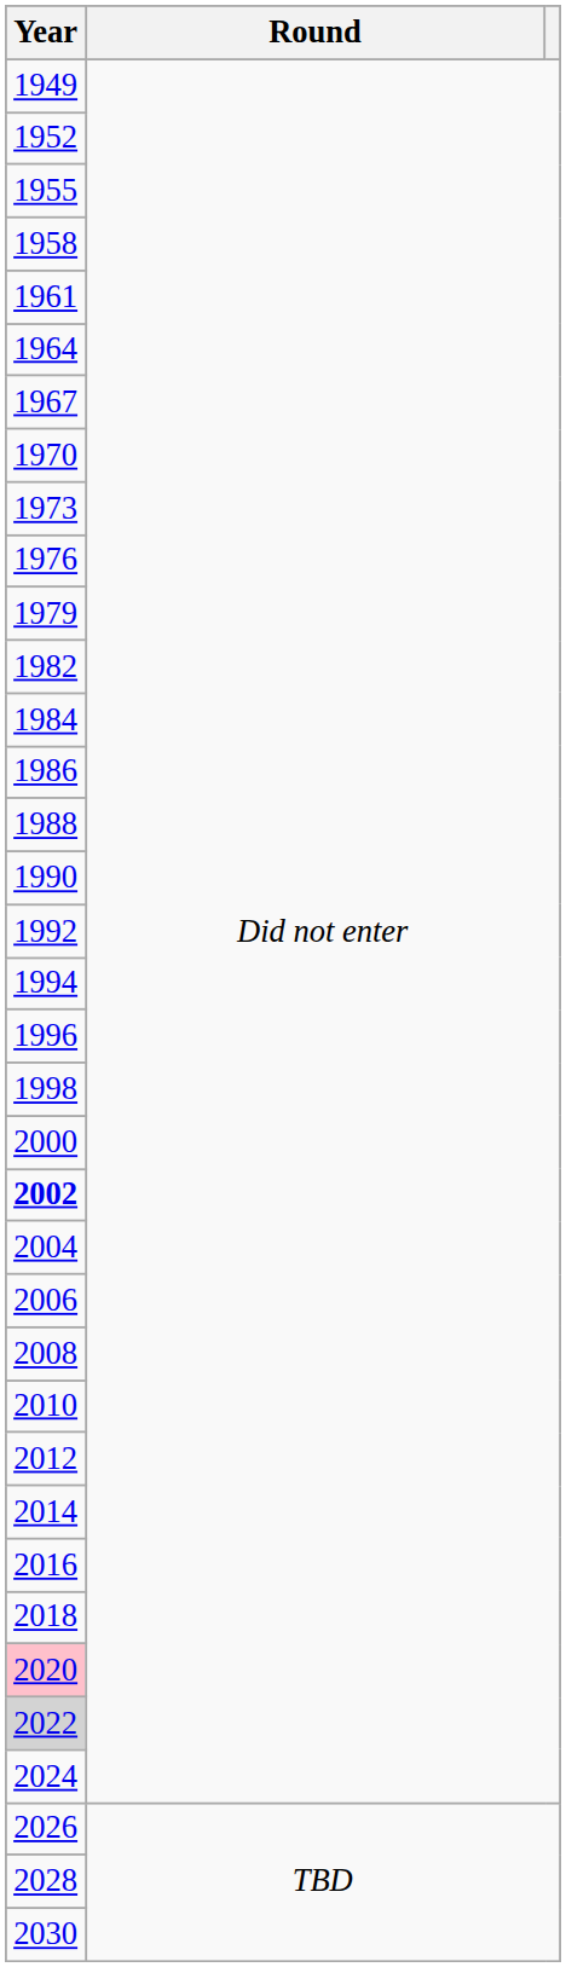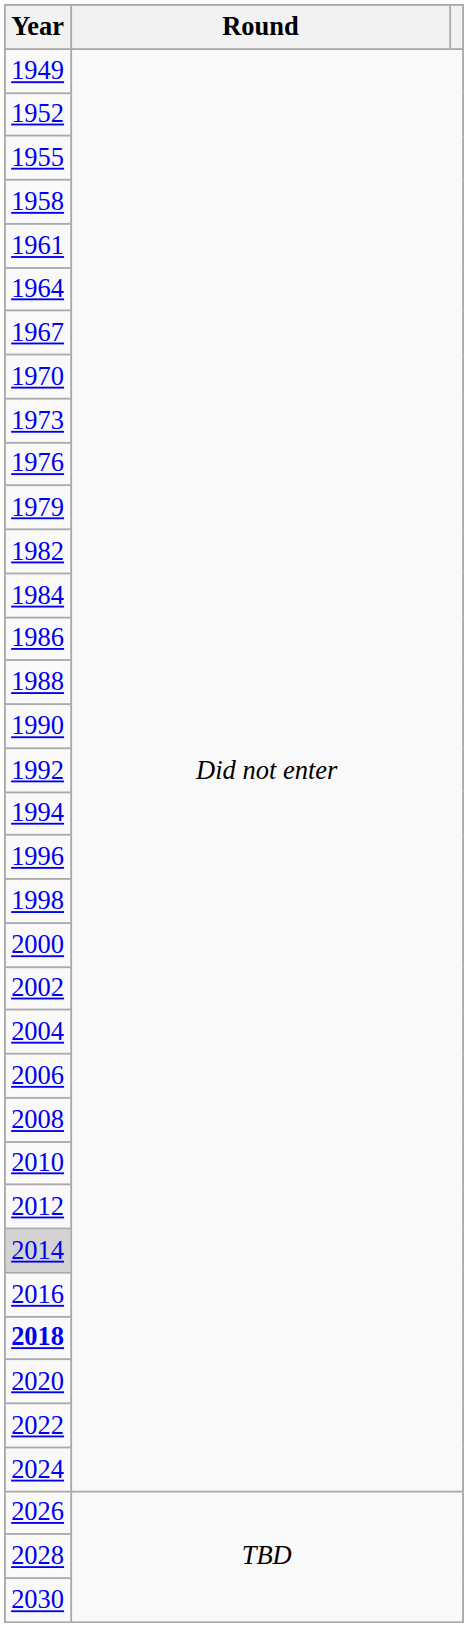 <table class="wikitable" style="text-align: center; font-size:90%">
 <tr>
 <th>Year</th>
 <th style="width:200px">Round</th>
 <th></th>
 </tr>
 <tr>
 <td><a href='#'>1949</a></td>
 <td colspan="2" rowspan="33"><em>Did not enter</em></td>
 </tr>
 <tr>
 <td><a href='#'>1952</a></td>
 </tr>
 <tr>
 <td><a href='#'>1955</a></td>
 </tr>
 <tr>
 <td><a href='#'>1958</a></td>
 </tr>
 <tr>
 <td><a href='#'>1961</a></td>
 </tr>
 <tr>
 <td><a href='#'>1964</a></td>
 </tr>
 <tr>
 <td><a href='#'>1967</a></td>
 </tr>
 <tr>
 <td><a href='#'>1970</a></td>
 </tr>
 <tr>
 <td><a href='#'>1973</a></td>
 </tr>
 <tr>
 <td><a href='#'>1976</a></td>
 </tr>
 <tr>
 <td><a href='#'>1979</a></td>
 </tr>
 <tr>
 <td><a href='#'>1982</a></td>
 </tr>
 <tr>
 <td><a href='#'>1984</a></td>
 </tr>
 <tr>
 <td><a href='#'>1986</a></td>
 </tr>
 <tr>
 <td><a href='#'>1988</a></td>
 </tr>
 <tr>
 <td><a href='#'>1990</a></td>
 </tr>
 <tr>
 <td><a href='#'>1992</a></td>
 </tr>
 <tr>
 <td><a href='#'>1994</a></td>
 </tr>
 <tr>
 <td><a href='#'>1996</a></td>
 </tr>
 <tr>
 <td><a href='#'>1998</a></td>
 </tr>
 <tr>
 <td><a href='#'>2000</a></td>
 </tr>
 <tr>
-<td><strong><a href='#'>2002</a></strong></td>
+<td><a href='#'>2002</a></td>
 </tr>
 <tr>
 <td><a href='#'>2004</a></td>
 </tr>
 <tr>
 <td><a href='#'>2006</a></td>
 </tr>
 <tr>
 <td><a href='#'>2008</a></td>
 </tr>
 <tr>
 <td><a href='#'>2010</a></td>
 </tr>
 <tr>
 <td><a href='#'>2012</a></td>
 </tr>
 <tr>
-<td><a href='#'>2014</a></td>
+<td style="background: lightgrey;"><a href='#'>2014</a></td>
 </tr>
 <tr>
 <td><a href='#'>2016</a></td>
 </tr>
 <tr>
-<td><a href='#'>2018</a></td>
+<td><strong><a href='#'>2018</a></strong></td>
 </tr>
 <tr>
-<td style="background: pink;"><a href='#'>2020</a></td>
+<td><a href='#'>2020</a></td>
 </tr>
 <tr>
-<td style="background: lightgrey;"><a href='#'>2022</a></td>
+<td><a href='#'>2022</a></td>
 </tr>
 <tr>
 <td><a href='#'>2024</a></td>
 </tr>
 <tr>
 <td><a href='#'>2026</a></td>
 <td colspan="2" rowspan="3"><em>TBD</em></td>
 </tr>
 <tr>
 <td><a href='#'>2028</a></td>
 </tr>
 <tr>
 <td><a href='#'>2030</a></td>
 </tr>
 </table>
